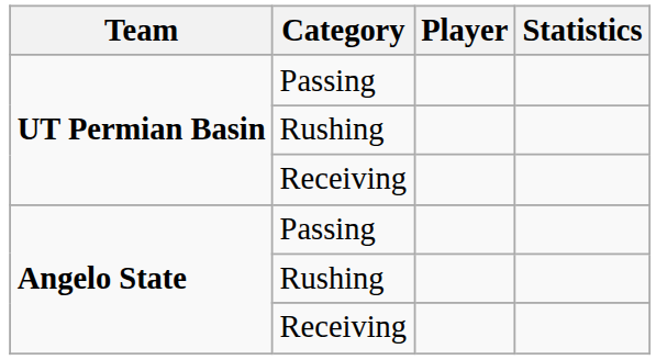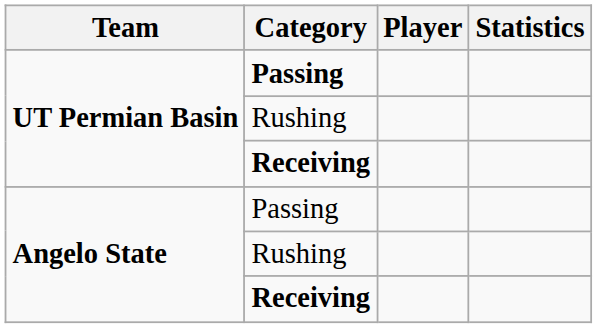 <table class="wikitable" style="float: right;">
 <tr>
 <th>Team</th>
 <th>Category</th>
 <th>Player</th>
 <th>Statistics</th>
 </tr>
 <tr>
 <td rowspan=3><strong>UT Permian Basin</strong></td>
-<td>Passing</td>
+<td><strong>Passing</strong></td>
 <td></td>
 <td></td>
 </tr>
 <tr>
 <td>Rushing</td>
 <td></td>
 <td></td>
 </tr>
 <tr>
-<td>Receiving</td>
+<td><strong>Receiving</strong></td>
 <td></td>
 <td></td>
 </tr>
 <tr>
 <td rowspan=3><strong>Angelo State</strong></td>
 <td>Passing</td>
 <td></td>
 <td></td>
 </tr>
 <tr>
 <td>Rushing</td>
 <td></td>
 <td></td>
 </tr>
 <tr>
-<td>Receiving</td>
+<td><strong>Receiving</strong></td>
 <td></td>
 <td></td>
 </tr>
 </table>
